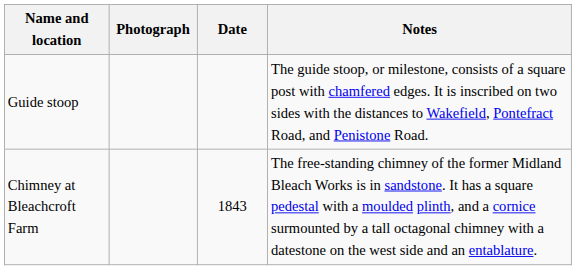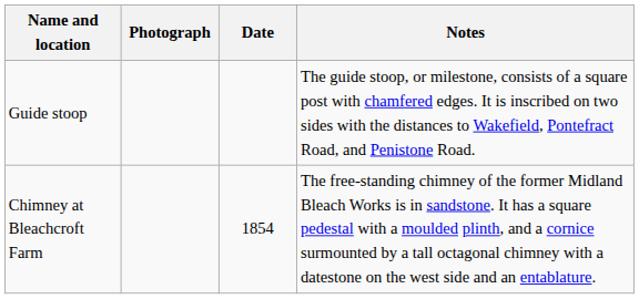 <table class="wikitable sortable plainrowheaders" style="width:100%;border:0px;text-align:left;line-height:150%;">
 <tr>
 <th scope="col"  style="width:150px">Name and location</th>
 <th scope="col"  style="width:100px" class="unsortable">Photograph</th>
 <th scope="col"  style="width:120px">Date</th>
 <th scope="col"  style="width:650px" class="unsortable">Notes</th>
 </tr>
 <tr>
 <td>Guide stoop<br><small></small></td>
 <td></td>
 <td align="center"></td>
 <td>The guide stoop, or milestone, consists of a square post with <a href='#'>chamfered</a> edges.  It is inscribed on two sides with the distances to <a href='#'>Wakefield</a>, <a href='#'>Pontefract</a> Road, and <a href='#'>Penistone</a> Road.</td>
 </tr>
 <tr>
 <td>Chimney at Bleachcroft Farm<br><small></small></td>
 <td></td>
-<td align="center">1843</td>
+<td align="center">1854</td>
 <td>The free-standing chimney of the former Midland Bleach Works is in <a href='#'>sandstone</a>.  It has a square <a href='#'>pedestal</a> with a <a href='#'>moulded</a> <a href='#'>plinth</a>, and a <a href='#'>cornice</a> surmounted by a tall octagonal chimney with a datestone on the west side and an <a href='#'>entablature</a>.</td>
 </tr>
 <tr>
 </tr>
 </table>
